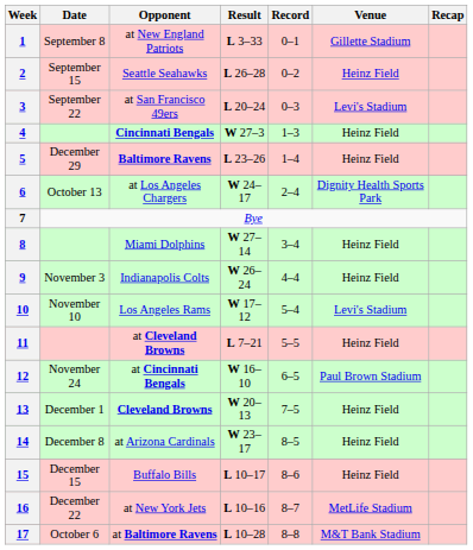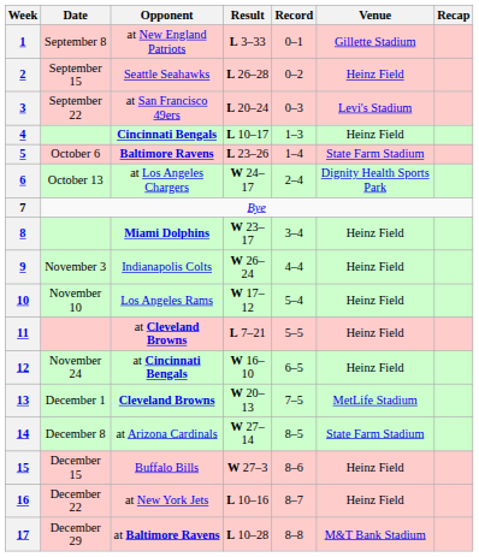 <table class="wikitable" style="text-align:center">
 <tr>
 <th>Week</th>
 <th>Date</th>
 <th>Opponent</th>
 <th>Result</th>
 <th>Record</th>
 <th>Venue</th>
 <th>Recap</th>
 </tr>
 <tr style="background:#fcc">
 <th><a href='#'>1</a></th>
 <td>September 8</td>
 <td>at <a href='#'>New England Patriots</a></td>
 <td><strong>L</strong> 3–33</td>
 <td>0–1</td>
 <td><a href='#'>Gillette Stadium</a></td>
 <td></td>
 </tr>
 <tr style="background:#fcc">
 <th><a href='#'>2</a></th>
 <td>September 15</td>
 <td><a href='#'>Seattle Seahawks</a></td>
 <td><strong>L</strong> 26–28</td>
 <td>0–2</td>
 <td><a href='#'>Heinz Field</a></td>
 <td></td>
 </tr>
 <tr style="background:#fcc">
 <th><a href='#'>3</a></th>
 <td>September 22</td>
 <td>at <a href='#'>San Francisco 49ers</a></td>
 <td><strong>L</strong> 20–24</td>
 <td>0–3</td>
 <td><a href='#'>Levi's Stadium</a></td>
 <td></td>
 </tr>
 <tr style="background:#cfc">
 <th><a href='#'>4</a></th>
 <td></td>
 <td><strong><a href='#'>Cincinnati Bengals</a></strong></td>
-<td><strong>W</strong> 27–3</td>
+<td><strong>L</strong> 10–17</td>
 <td>1–3</td>
 <td>Heinz Field</td>
 <td></td>
 </tr>
 <tr style="background:#fcc">
 <th><a href='#'>5</a></th>
-<td>December 29</td>
+<td>October 6</td>
 <td><strong><a href='#'>Baltimore Ravens</a></strong></td>
 <td><strong>L</strong> 23–26 </td>
 <td>1–4</td>
-<td>Heinz Field</td>
+<td><a href='#'>State Farm Stadium</a></td>
 <td></td>
 </tr>
 <tr style="background:#cfc">
 <th><a href='#'>6</a></th>
 <td>October 13</td>
 <td>at <a href='#'>Los Angeles Chargers</a></td>
 <td><strong>W</strong> 24–17</td>
 <td>2–4</td>
 <td><a href='#'>Dignity Health Sports Park</a></td>
 <td></td>
 </tr>
 <tr>
 <th>7</th>
 <td colspan="6"><em><a href='#'>Bye</a></em></td>
 </tr>
 <tr style="background:#cfc">
 <th><a href='#'>8</a></th>
 <td></td>
-<td><a href='#'>Miami Dolphins</a></td>
-<td><strong>W</strong> 27–14</td>
+<td><strong><a href='#'>Miami Dolphins</a></strong></td>
+<td><strong>W</strong> 23–17</td>
 <td>3–4</td>
 <td>Heinz Field</td>
 <td></td>
 </tr>
 <tr style="background:#cfc">
 <th><a href='#'>9</a></th>
 <td>November 3</td>
 <td><a href='#'>Indianapolis Colts</a></td>
 <td><strong>W</strong> 26–24</td>
 <td>4–4</td>
 <td>Heinz Field</td>
 <td></td>
 </tr>
 <tr style="background:#cfc">
 <th><a href='#'>10</a></th>
 <td>November 10</td>
 <td><a href='#'>Los Angeles Rams</a></td>
 <td><strong>W</strong> 17–12</td>
 <td>5–4</td>
-<td><a href='#'>Levi's Stadium</a></td>
+<td>Heinz Field</td>
 <td></td>
 </tr>
 <tr style="background:#fcc">
 <th><a href='#'>11</a></th>
 <td></td>
 <td>at <strong><a href='#'>Cleveland Browns</a></strong></td>
 <td><strong>L</strong> 7–21</td>
 <td>5–5</td>
 <td>Heinz Field</td>
 <td></td>
 </tr>
 <tr style="background:#cfc">
 <th><a href='#'>12</a></th>
 <td>November 24</td>
 <td>at <strong><a href='#'>Cincinnati Bengals</a></strong></td>
 <td><strong>W</strong> 16–10</td>
 <td>6–5</td>
-<td><a href='#'>Paul Brown Stadium</a></td>
+<td>Heinz Field</td>
 <td></td>
 </tr>
 <tr style="background:#cfc">
 <th><a href='#'>13</a></th>
 <td>December 1</td>
 <td><strong><a href='#'>Cleveland Browns</a></strong></td>
 <td><strong>W</strong> 20–13</td>
 <td>7–5</td>
-<td>Heinz Field</td>
+<td><a href='#'>MetLife Stadium</a></td>
 <td></td>
 </tr>
 <tr style="background:#cfc">
 <th><a href='#'>14</a></th>
 <td>December 8</td>
 <td>at <a href='#'>Arizona Cardinals</a></td>
-<td><strong>W</strong> 23–17</td>
+<td><strong>W</strong> 27–14</td>
 <td>8–5</td>
-<td>Heinz Field</td>
+<td><a href='#'>State Farm Stadium</a></td>
 <td></td>
 </tr>
 <tr style="background:#fcc">
 <th><a href='#'>15</a></th>
 <td>December 15</td>
 <td><a href='#'>Buffalo Bills</a></td>
-<td><strong>L</strong> 10–17</td>
+<td><strong>W</strong> 27–3</td>
 <td>8–6</td>
 <td>Heinz Field</td>
 <td></td>
 </tr>
 <tr style="background:#fcc">
 <th><a href='#'>16</a></th>
 <td>December 22</td>
 <td>at <a href='#'>New York Jets</a></td>
 <td><strong>L</strong> 10–16</td>
 <td>8–7</td>
-<td><a href='#'>MetLife Stadium</a></td>
+<td>Heinz Field</td>
 <td></td>
 </tr>
 <tr style="background:#fcc">
 <th><a href='#'>17</a></th>
-<td>October 6</td>
+<td>December 29</td>
 <td>at <strong><a href='#'>Baltimore Ravens</a></strong></td>
 <td><strong>L</strong> 10–28</td>
 <td>8–8</td>
 <td><a href='#'>M&T Bank Stadium</a></td>
 <td></td>
 </tr>
 </table>
